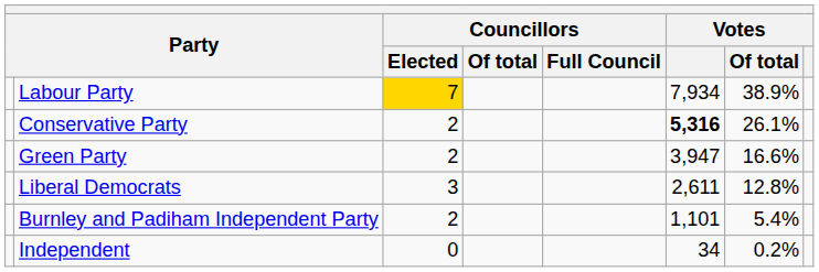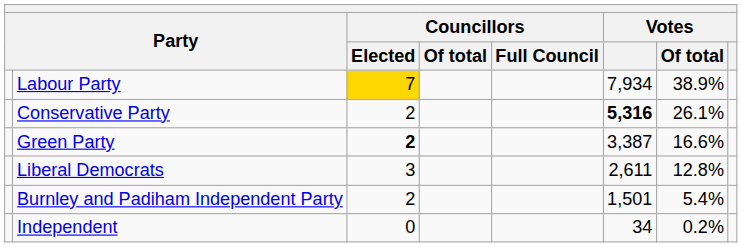 <table class="wikitable sortable" style="text-align:center;">
 <tr>
 <th colspan="9"></th>
 </tr>
 <tr>
 <th colspan="2" rowspan="2">Party</th>
 <th colspan="3">Councillors</th>
 <th colspan="3">Votes</th>
 </tr>
 <tr>
 <th>Elected</th>
 <th>Of total</th>
 <th class="unsortable">Full Council</th>
 <th></th>
 <th>Of total</th>
 <th class="unsortable"></th>
 </tr>
 <tr>
 <td style="background:"></td>
 <td style="text-align:left;"><a href='#'>Labour Party</a></td>
 <td style="background: gold; text-align:right;">7</td>
 <td style="text-align:right;"></td>
 <td data-sort-value=""></td>
 <td style="text-align:right;">7,934</td>
 <td style="text-align:right;">38.9%</td>
 <td></td>
 </tr>
 <tr>
 <td style="background:"></td>
 <td style="text-align:left;"><a href='#'>Conservative Party</a></td>
 <td style="text-align:right;">2</td>
 <td style="text-align:right;"></td>
 <td data-sort-value=""></td>
 <td style="text-align:right;"><strong>5,316</strong></td>
 <td style="text-align:right;">26.1%</td>
 <td></td>
 </tr>
 <tr>
 <td style="background:"></td>
 <td style="text-align:left;"><a href='#'>Green Party</a></td>
-<td style="text-align:right;">2</td>
+<td style="text-align:right;"><strong>2</strong></td>
 <td style="text-align:right;"></td>
 <td data-sort-value=""></td>
-<td style="text-align:right;">3,947</td>
+<td style="text-align:right;">3,387</td>
 <td style="text-align:right;">16.6%</td>
 <td></td>
 </tr>
 <tr>
 <td style="background:"></td>
 <td style="text-align:left;"><a href='#'>Liberal Democrats</a></td>
 <td style="text-align:right;">3</td>
 <td style="text-align:right;"></td>
 <td data-sort-value=""></td>
 <td style="text-align:right;">2,611</td>
 <td style="text-align:right;">12.8%</td>
 <td></td>
 </tr>
 <tr>
 <td style="background:"></td>
 <td style="text-align:left;"><a href='#'>Burnley and Padiham Independent Party</a></td>
 <td style="text-align:right;">2</td>
 <td style="text-align:right;"></td>
 <td data-sort-value=""></td>
-<td style="text-align:right;">1,101</td>
+<td style="text-align:right;">1,501</td>
 <td style="text-align:right;">5.4%</td>
 <td></td>
 </tr>
 <tr>
 <td style="background:"></td>
 <td style="text-align:left;"><a href='#'>Independent</a></td>
 <td style="text-align:right;">0</td>
 <td style="text-align:right;"></td>
 <td data-sort-value=""></td>
 <td style="text-align:right;">34</td>
 <td style="text-align:right;">0.2%</td>
 <td></td>
 </tr>
 </table>
